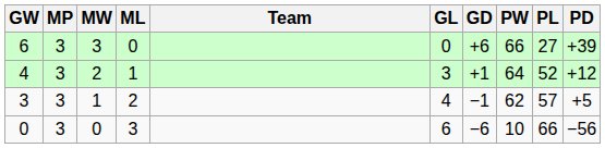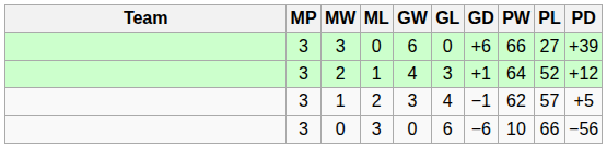 <table class=wikitable style="text-align:center">
 <tr>
-<th width=20>GW</th>
+<th width=250>Team</th>
 <th width=20>MP</th>
 <th width=20>MW</th>
 <th width=20>ML</th>
-<th width=250>Team</th>
+<th width=20>GW</th>
 <th width=20>GL</th>
 <th width=20>GD</th>
 <th width=20>PW</th>
 <th width=20>PL</th>
 <th width=20>PD</th>
 </tr>
 <tr style="background:#cfc;">
-<td>6</td>
+<td align=left><br></td>
 <td>3</td>
 <td>3</td>
 <td>0</td>
-<td align=left><br></td>
+<td>6</td>
 <td>0</td>
 <td>+6</td>
 <td>66</td>
 <td>27</td>
 <td>+39</td>
 </tr>
 <tr style="background:#cfc;">
-<td>4</td>
+<td align=left><br></td>
 <td>3</td>
 <td>2</td>
 <td>1</td>
-<td align=left><br></td>
+<td>4</td>
 <td>3</td>
 <td>+1</td>
 <td>64</td>
 <td>52</td>
 <td>+12</td>
 </tr>
 <tr>
-<td>3</td>
+<td align=left><br></td>
 <td>3</td>
 <td>1</td>
 <td>2</td>
-<td align=left><br></td>
+<td>3</td>
 <td>4</td>
 <td>−1</td>
 <td>62</td>
 <td>57</td>
 <td>+5</td>
 </tr>
 <tr>
+<td align=left><br></td>
+<td>3</td>
 <td>0</td>
 <td>3</td>
 <td>0</td>
-<td>3</td>
-<td align=left><br></td>
 <td>6</td>
 <td>−6</td>
 <td>10</td>
 <td>66</td>
 <td>−56</td>
 </tr>
 </table>
